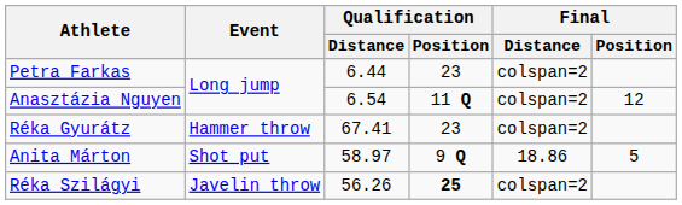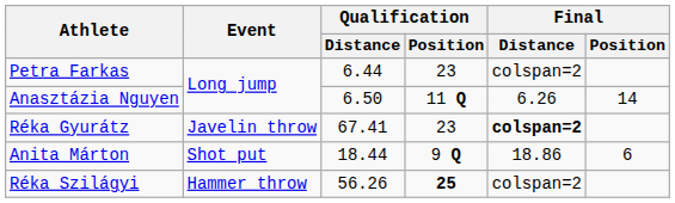 <table class=wikitable style="font-size:90%">
 <tr>
 <th rowspan="2">Athlete</th>
 <th rowspan="2">Event</th>
 <th colspan="2">Qualification</th>
 <th colspan="2">Final</th>
 </tr>
 <tr style="font-size:95%">
 <th>Distance</th>
 <th>Position</th>
 <th>Distance</th>
 <th>Position</th>
 </tr>
 <tr style=text-align:center>
 <td style=text-align:left><a href='#'>Petra Farkas</a></td>
 <td style=text-align:left rowspan=2><a href='#'>Long jump</a></td>
 <td>6.44</td>
 <td>23</td>
 <td>colspan=2 </td>
 </tr>
 <tr style=text-align:center>
 <td style=text-align:left><a href='#'>Anasztázia Nguyen</a></td>
-<td>6.54</td>
+<td>6.50</td>
 <td>11 <strong>Q</strong></td>
-<td>colspan=2 </td>
-<td>12</td>
+<td>6.26</td>
+<td>14</td>
 </tr>
 <tr style=text-align:center>
 <td style=text-align:left><a href='#'>Réka Gyurátz</a></td>
-<td style=text-align:left><a href='#'>Hammer throw</a></td>
+<td style=text-align:left><a href='#'>Javelin throw</a></td>
 <td>67.41</td>
 <td>23</td>
-<td>colspan=2 </td>
+<td><strong>colspan=2 </strong></td>
 </tr>
 <tr style=text-align:center>
 <td style=text-align:left><a href='#'>Anita Márton</a></td>
 <td style=text-align:left><a href='#'>Shot put</a></td>
-<td>58.97</td>
+<td>18.44</td>
 <td>9  <strong>Q</strong></td>
 <td>18.86</td>
-<td>5</td>
+<td>6</td>
 </tr>
 <tr style=text-align:center>
 <td style=text-align:left><a href='#'>Réka Szilágyi</a></td>
-<td style=text-align:left><a href='#'>Javelin throw</a></td>
+<td style=text-align:left><a href='#'>Hammer throw</a></td>
 <td>56.26</td>
 <td><strong>25</strong></td>
 <td>colspan=2 </td>
 </tr>
 </table>
